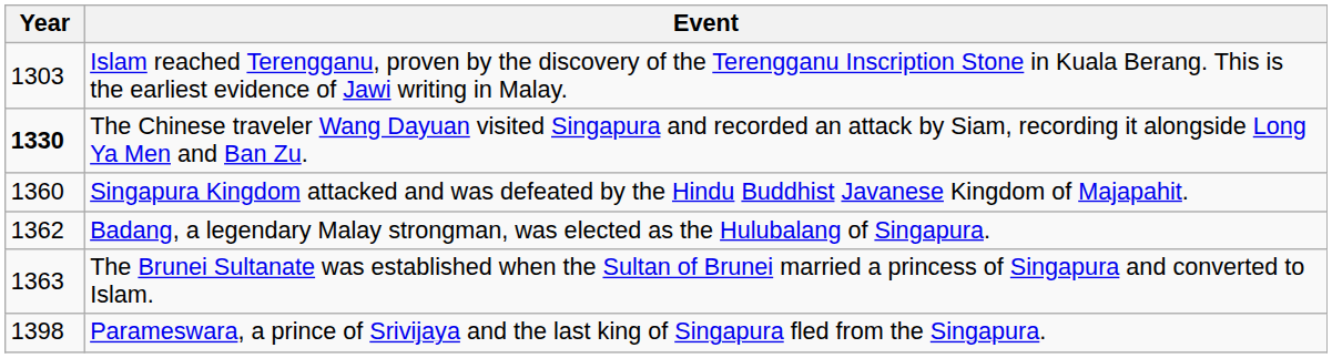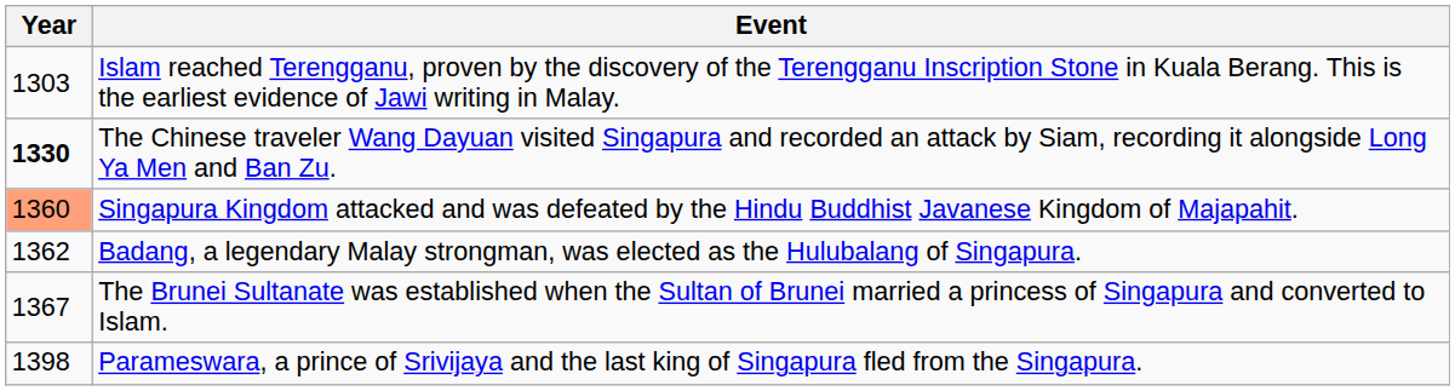 <table class="wikitable" width="100%">
 <tr>
 <th style="width:6%">Year</th>
 <th>Event</th>
 </tr>
 <tr>
 <td>1303</td>
 <td><a href='#'>Islam</a> reached <a href='#'>Terengganu</a>, proven by the discovery of the <a href='#'>Terengganu Inscription Stone</a> in Kuala Berang. This is the earliest evidence of <a href='#'>Jawi</a> writing in Malay.</td>
 </tr>
 <tr>
 <td><strong>1330</strong></td>
 <td>The Chinese traveler <a href='#'>Wang Dayuan</a> visited <a href='#'>Singapura</a> and recorded an attack by Siam, recording it alongside <a href='#'>Long Ya Men</a> and <a href='#'>Ban Zu</a>.</td>
 </tr>
 <tr>
-<td>1360</td>
+<td style="background: lightsalmon;">1360</td>
 <td><a href='#'>Singapura Kingdom</a> attacked and was defeated by the <a href='#'>Hindu</a> <a href='#'>Buddhist</a> <a href='#'>Javanese</a> Kingdom of <a href='#'>Majapahit</a>.</td>
 </tr>
 <tr>
 <td>1362</td>
 <td><a href='#'>Badang</a>, a legendary Malay strongman, was elected as the <a href='#'>Hulubalang</a> of <a href='#'>Singapura</a>.</td>
 </tr>
 <tr>
-<td>1363</td>
+<td>1367</td>
 <td>The <a href='#'>Brunei Sultanate</a> was established when the <a href='#'>Sultan of Brunei</a> married a princess of <a href='#'>Singapura</a> and converted to Islam.</td>
 </tr>
 <tr>
 <td>1398</td>
 <td><a href='#'>Parameswara</a>, a prince of <a href='#'>Srivijaya</a> and the last king of <a href='#'>Singapura</a> fled from the <a href='#'>Singapura</a>.</td>
 </tr>
 </table>
